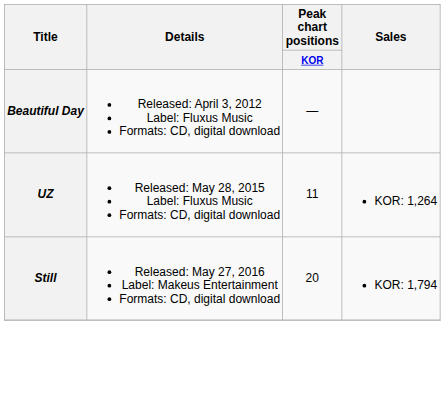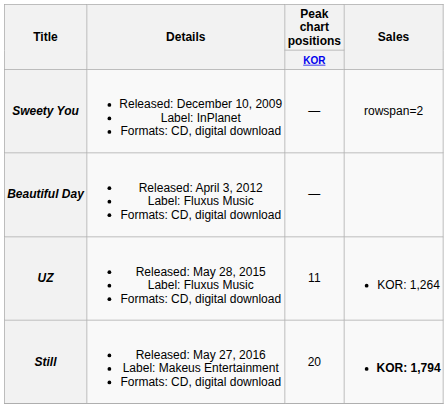 <table class="wikitable plainrowheaders" style="text-align:center;">
 <tr>
 <th scope="col" rowspan="2">Title</th>
 <th scope="col" rowspan="2">Details</th>
 <th scope="col" colspan="1">Peak<br>chart<br>positions</th>
 <th scope="col" rowspan="2">Sales</th>
 </tr>
 <tr>
 <th><small><a href='#'>KOR</a></small><br></th>
+</tr>
+<tr>
+<th scope="row"><em>Sweety You</em></th>
+<td><br><ul><li>Released: December 10, 2009</li><li>Label: InPlanet</li><li>Formats: CD, digital download</li></ul></td>
+<td>—</td>
+<td>rowspan=2 </td>
 </tr>
 <tr>
 <th scope="row"><em>Beautiful Day</em></th>
 <td><br><ul><li>Released: April 3, 2012</li><li>Label: Fluxus Music</li><li>Formats: CD, digital download</li></ul></td>
 <td>—</td>
 </tr>
 <tr>
 <th scope="row"><em>UZ</em></th>
 <td><br><ul><li>Released: May 28, 2015</li><li>Label: Fluxus Music</li><li>Formats: CD, digital download</li></ul></td>
 <td>11</td>
 <td><br><ul><li>KOR: 1,264</li></ul></td>
 </tr>
 <tr>
 <th scope="row"><em>Still</em><br></th>
 <td><br><ul><li>Released: May 27, 2016</li><li>Label: Makeus Entertainment</li><li>Formats: CD, digital download</li></ul></td>
 <td>20</td>
-<td><br><ul><li>KOR: 1,794</li></ul></td>
+<td><strong><br><ul><li>KOR: 1,794</li></ul></strong></td>
 </tr>
 <tr>
 </tr>
 </table>
